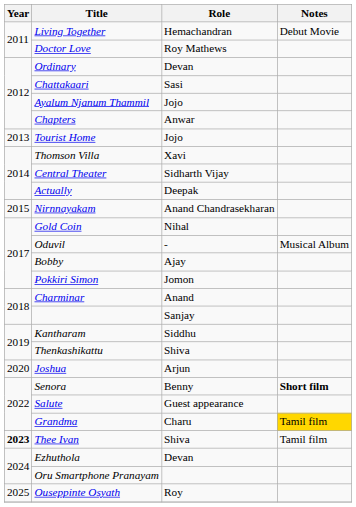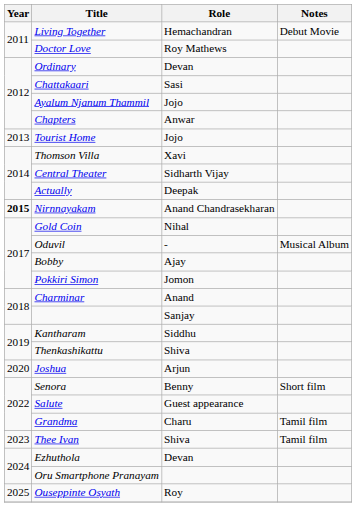 <table class="wikitable sortable">
 <tr>
 <th>Year</th>
 <th>Title</th>
 <th>Role</th>
 <th class="unsortable">Notes</th>
 </tr>
 <tr>
 <td rowspan=2>2011</td>
 <td><em><a href='#'>Living Together</a></em></td>
 <td>Hemachandran</td>
 <td>Debut Movie</td>
 </tr>
 <tr>
 <td><em><a href='#'>Doctor Love</a></em></td>
 <td>Roy Mathews</td>
 <td></td>
 </tr>
 <tr>
 <td rowspan="4">2012</td>
 <td><em><a href='#'>Ordinary</a></em></td>
 <td>Devan</td>
 <td></td>
 </tr>
 <tr>
 <td><em><a href='#'>Chattakaari</a></em></td>
 <td>Sasi</td>
 <td></td>
 </tr>
 <tr>
 <td><em><a href='#'>Ayalum Njanum Thammil</a></em></td>
 <td>Jojo</td>
 <td></td>
 </tr>
 <tr>
 <td><em><a href='#'>Chapters</a></em></td>
 <td>Anwar</td>
 <td></td>
 </tr>
 <tr>
 <td>2013</td>
 <td><em><a href='#'>Tourist Home</a></em></td>
 <td>Jojo</td>
 <td></td>
 </tr>
 <tr>
 <td rowspan="3">2014</td>
 <td><em>Thomson Villa</em></td>
 <td>Xavi</td>
 <td></td>
 </tr>
 <tr>
 <td><em><a href='#'>Central Theater</a></em></td>
 <td>Sidharth Vijay</td>
 <td></td>
 </tr>
 <tr>
 <td><em><a href='#'>Actually</a></em></td>
 <td>Deepak</td>
 <td></td>
 </tr>
 <tr>
-<td>2015</td>
+<td><strong>2015</strong></td>
 <td><em><a href='#'>Nirnnayakam</a></em></td>
 <td>Anand Chandrasekharan</td>
 <td></td>
 </tr>
 <tr>
 <td rowspan="4">2017</td>
 <td><em><a href='#'>Gold Coin</a></em></td>
 <td>Nihal</td>
 <td></td>
 </tr>
 <tr>
 <td><em>Oduvil</em></td>
 <td>-</td>
 <td>Musical Album</td>
 </tr>
 <tr>
 <td><em>Bobby</em></td>
 <td>Ajay</td>
 <td></td>
 </tr>
 <tr>
 <td><em><a href='#'>Pokkiri Simon</a></em></td>
 <td>Jomon</td>
 <td></td>
 </tr>
 <tr>
 <td rowspan="2">2018</td>
 <td><em><a href='#'>Charminar</a></em></td>
 <td>Anand</td>
 <td></td>
 </tr>
 <tr>
 <td></td>
 <td>Sanjay</td>
 <td></td>
 </tr>
 <tr>
 <td rowspan=2>2019</td>
 <td><em>Kantharam</em></td>
 <td>Siddhu</td>
 <td></td>
 </tr>
 <tr>
 <td><em>Thenkashikattu</em></td>
 <td>Shiva</td>
 <td></td>
 </tr>
 <tr>
 <td>2020</td>
 <td><em><a href='#'>Joshua</a></em></td>
 <td>Arjun</td>
 <td></td>
 </tr>
 <tr>
 <td rowspan=3>2022</td>
 <td><em>Senora</em></td>
 <td>Benny</td>
-<td><strong>Short film</strong></td>
+<td>Short film</td>
 </tr>
 <tr>
 <td><em><a href='#'>Salute</a></em></td>
 <td>Guest appearance</td>
 <td></td>
 </tr>
 <tr>
 <td><em><a href='#'>Grandma</a></em></td>
 <td>Charu</td>
-<td style="background: gold;">Tamil film</td>
+<td>Tamil film</td>
 </tr>
 <tr>
-<td><strong>2023</strong></td>
+<td>2023</td>
 <td><em><a href='#'>Thee Ivan</a></em></td>
 <td>Shiva</td>
 <td>Tamil film</td>
 </tr>
 <tr>
 <td rowspan="2">2024</td>
 <td><em>Ezhuthola</em></td>
 <td>Devan</td>
 <td></td>
 </tr>
 <tr>
 <td><em>Oru Smartphone Pranayam</em></td>
 <td></td>
 <td></td>
 </tr>
 <tr>
 <td>2025</td>
 <td><em><a href='#'>Ouseppinte Osyath</a></em></td>
 <td>Roy</td>
 <td></td>
 </tr>
 <tr>
 </tr>
 </table>
